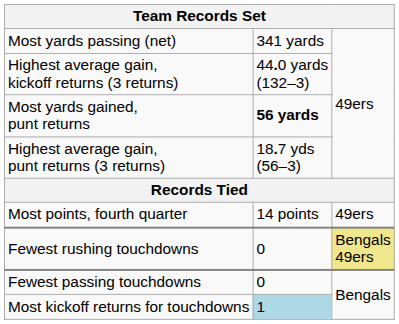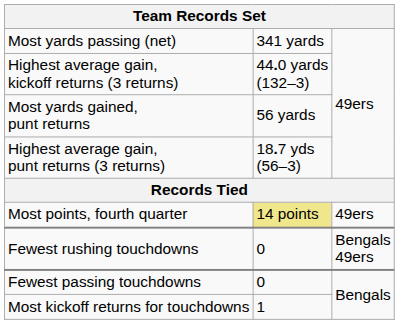 <table class="wikitable">
 <tr>
 <th colspan=3>Team Records Set</th>
 </tr>
 <tr>
 <td>Most yards passing (net)</td>
 <td>341 yards</td>
 <td rowspan=4>49ers</td>
 </tr>
 <tr>
 <td>Highest average gain,<br> kickoff returns (3 returns)</td>
 <td>44<strong>.</strong>0 yards<br> (132–3)</td>
 </tr>
 <tr>
 <td>Most yards gained,<br> punt returns</td>
-<td><strong>56 yards</strong></td>
+<td>56 yards</td>
 </tr>
 <tr>
 <td>Highest average gain,<br>punt returns (3 returns)</td>
 <td>18<strong>.</strong>7 yds <br>(56–3)</td>
 </tr>
 <tr>
 <th colspan=3>Records Tied</th>
 </tr>
 <tr style="border-bottom: 2px solid gray">
 <td>Most points, fourth quarter</td>
-<td>14 points</td>
+<td style="background: khaki;">14 points</td>
 <td>49ers</td>
 </tr>
 <tr style="border-bottom: 2px solid gray">
 <td>Fewest rushing touchdowns</td>
 <td>0</td>
-<td style="background: khaki;">Bengals <br> 49ers</td>
+<td>Bengals <br> 49ers</td>
 </tr>
 <tr>
 <td>Fewest passing touchdowns</td>
 <td>0</td>
 <td rowspan=2>Bengals</td>
 </tr>
 <tr>
 <td>Most kickoff returns for touchdowns</td>
-<td style="background: lightblue;">1</td>
+<td>1</td>
 </tr>
 </table>
